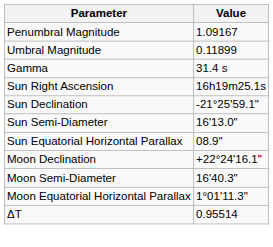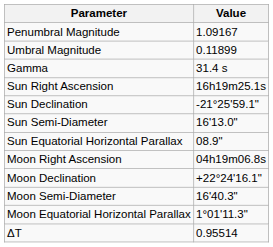 <table class="wikitable">
 <tr>
 <th>Parameter</th>
 <th>Value</th>
 </tr>
 <tr>
 <td>Penumbral Magnitude</td>
 <td>1.09167</td>
 </tr>
 <tr>
 <td>Umbral Magnitude</td>
 <td>0.11899</td>
 </tr>
 <tr>
 <td>Gamma</td>
 <td>31.4 s</td>
 </tr>
 <tr>
 <td>Sun Right Ascension</td>
 <td>16h19m25.1s</td>
 </tr>
 <tr>
 <td>Sun Declination</td>
 <td>-21°25'59.1"</td>
 </tr>
 <tr>
 <td>Sun Semi-Diameter</td>
 <td>16'13.0"</td>
 </tr>
 <tr>
 <td>Sun Equatorial Horizontal Parallax</td>
 <td>08.9"</td>
 </tr>
 <tr>
+<td>Moon Right Ascension</td>
+<td>04h19m06.8s</td>
+</tr>
+<tr>
 <td>Moon Declination</td>
 <td>+22°24'16.1"</td>
 </tr>
 <tr>
 <td>Moon Semi-Diameter</td>
 <td>16'40.3"</td>
 </tr>
 <tr>
 <td>Moon Equatorial Horizontal Parallax</td>
 <td>1°01'11.3"</td>
 </tr>
 <tr>
 <td>ΔT</td>
 <td>0.95514</td>
 </tr>
 </table>
